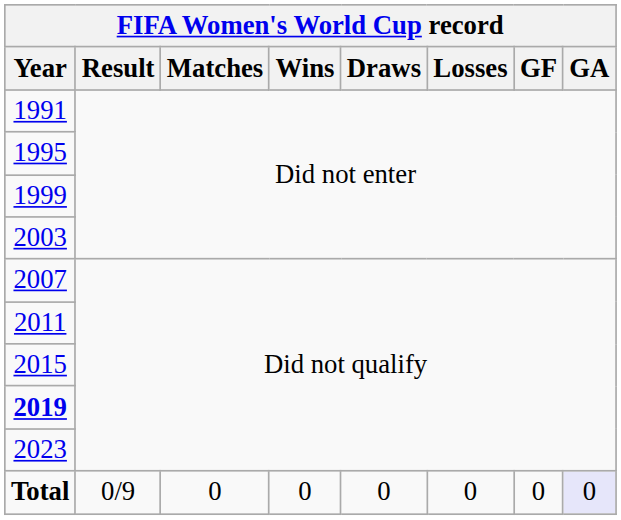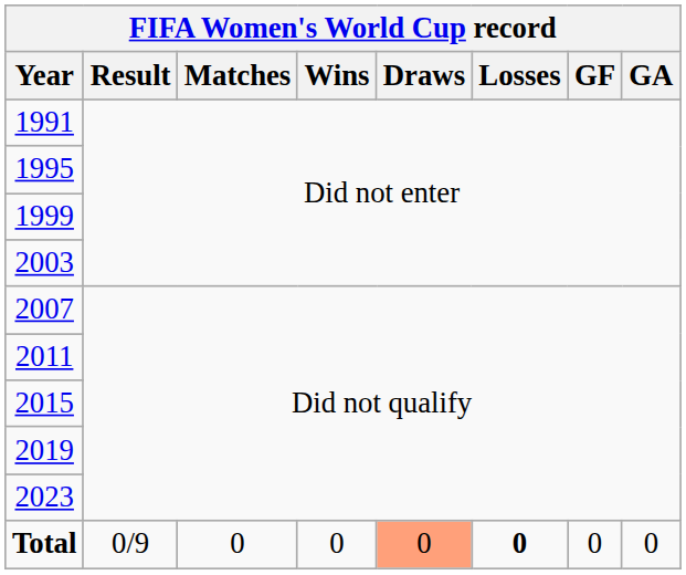 <table class="wikitable" style="text-align: center;">
 <tr>
 <th colspan=8><a href='#'>FIFA Women's World Cup</a> record</th>
 </tr>
 <tr>
 <th>Year</th>
 <th>Result</th>
 <th>Matches</th>
 <th>Wins</th>
 <th>Draws</th>
 <th>Losses</th>
 <th>GF</th>
 <th>GA</th>
 </tr>
 <tr>
 <td> <a href='#'>1991</a></td>
 <td colspan=7 rowspan=4>Did not enter</td>
 </tr>
 <tr>
 <td> <a href='#'>1995</a></td>
 </tr>
 <tr>
 <td> <a href='#'>1999</a></td>
 </tr>
 <tr>
 <td> <a href='#'>2003</a></td>
 </tr>
 <tr>
 <td> <a href='#'>2007</a></td>
 <td colspan=7 rowspan=5>Did not qualify</td>
 </tr>
 <tr>
 <td> <a href='#'>2011</a></td>
 </tr>
 <tr>
 <td> <a href='#'>2015</a></td>
 </tr>
 <tr>
-<td><strong> <a href='#'>2019</a></strong></td>
+<td> <a href='#'>2019</a></td>
 </tr>
 <tr>
 <td> <a href='#'>2023</a></td>
 </tr>
 <tr>
 <td><strong>Total</strong></td>
 <td>0/9</td>
 <td>0</td>
 <td>0</td>
+<td style="background: lightsalmon;">0</td>
+<td><strong>0</strong></td>
 <td>0</td>
 <td>0</td>
-<td>0</td>
-<td style="background: lavender;">0</td>
 </tr>
 </table>
